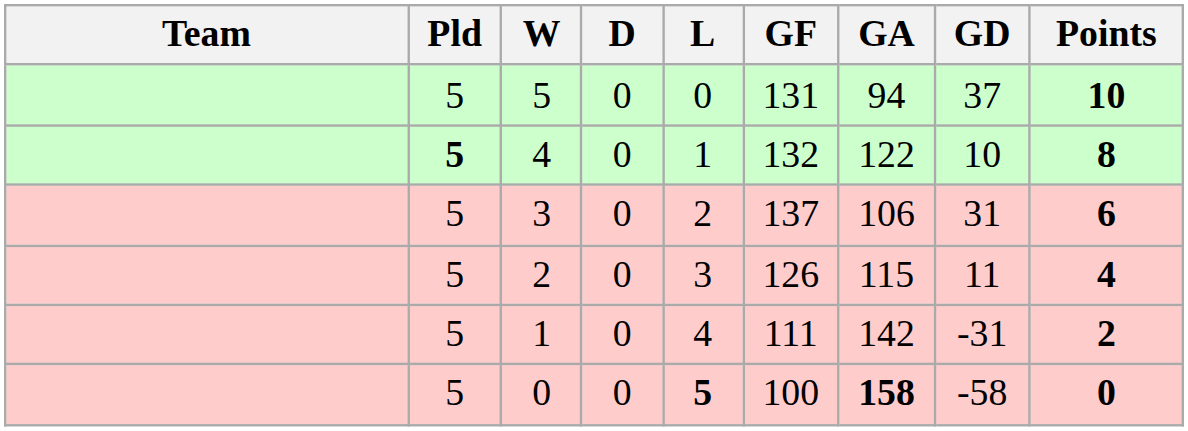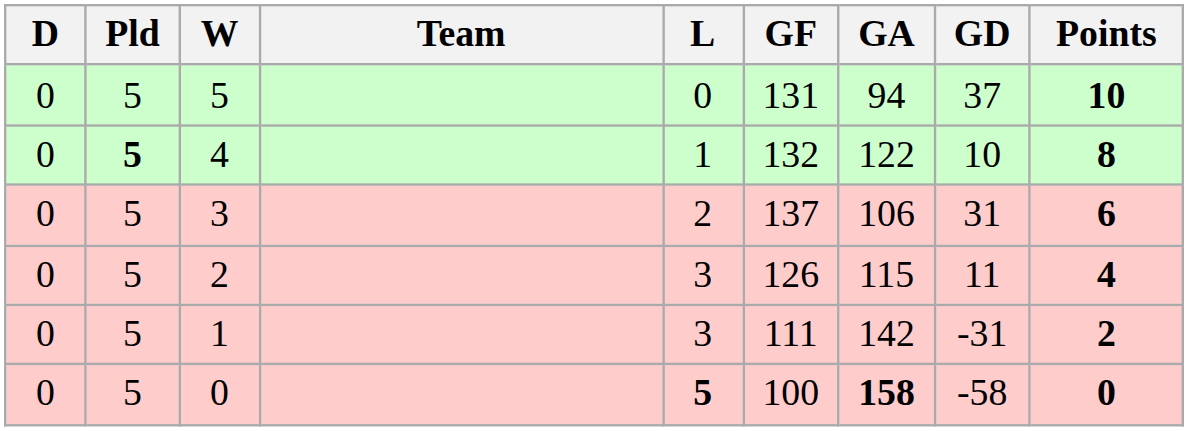 <table class=wikitable style="text-align:center" width=500>
 <tr>
-<th width=25%>Team</th>
+<th width=5%>D</th>
 <th width=5%>Pld</th>
 <th width=5%>W</th>
-<th width=5%>D</th>
+<th width=25%>Team</th>
 <th width=5%>L</th>
 <th width=5%>GF</th>
 <th width=5%>GA</th>
 <th width=5%>GD</th>
 <th width=8%>Points</th>
 </tr>
 <tr bgcolor="#ccffcc">
-<td align="left"></td>
+<td>0</td>
 <td>5</td>
 <td>5</td>
-<td>0</td>
+<td align="left"></td>
 <td>0</td>
 <td>131</td>
 <td>94</td>
 <td>37</td>
 <td><strong>10</strong></td>
 </tr>
 <tr bgcolor="#ccffcc">
-<td align="left"></td>
+<td>0</td>
 <td><strong>5</strong></td>
 <td>4</td>
-<td>0</td>
+<td align="left"></td>
 <td>1</td>
 <td>132</td>
 <td>122</td>
 <td>10</td>
 <td><strong>8</strong></td>
 </tr>
 <tr bgcolor="ffcccc">
-<td align="left"></td>
+<td>0</td>
 <td>5</td>
 <td>3</td>
-<td>0</td>
+<td align="left"></td>
 <td>2</td>
 <td>137</td>
 <td>106</td>
 <td>31</td>
 <td><strong>6</strong></td>
 </tr>
 <tr bgcolor="ffcccc">
-<td align="left"></td>
+<td>0</td>
 <td>5</td>
 <td>2</td>
-<td>0</td>
+<td align="left"></td>
 <td>3</td>
 <td>126</td>
 <td>115</td>
 <td>11</td>
 <td><strong>4</strong></td>
 </tr>
 <tr bgcolor="ffcccc">
-<td align="left"></td>
+<td>0</td>
 <td>5</td>
 <td>1</td>
-<td>0</td>
-<td>4</td>
+<td align="left"></td>
+<td>3</td>
 <td>111</td>
 <td>142</td>
 <td>-31</td>
 <td><strong>2</strong></td>
 </tr>
 <tr bgcolor="ffcccc">
-<td align="left"></td>
+<td>0</td>
 <td>5</td>
 <td>0</td>
-<td>0</td>
+<td align="left"></td>
 <td><strong>5</strong></td>
 <td>100</td>
 <td><strong>158</strong></td>
 <td>-58</td>
 <td><strong>0</strong></td>
 </tr>
 </table>
